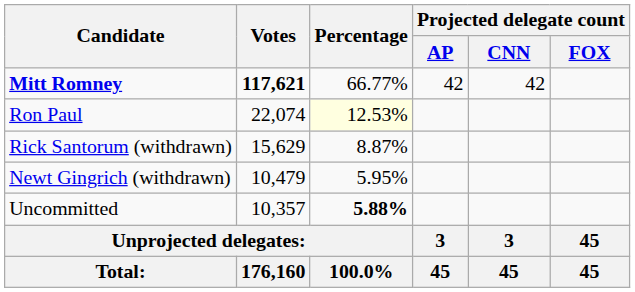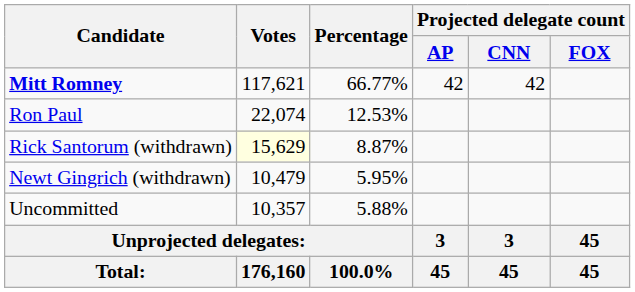 <table class="wikitable" style="text-align:right;">
 <tr>
 <th rowspan="2">Candidate</th>
 <th rowspan="2">Votes</th>
 <th rowspan="2">Percentage</th>
 <th colspan="3">Projected delegate count</th>
 </tr>
 <tr>
 <th><a href='#'>AP</a></th>
 <th><a href='#'>CNN</a><br></th>
 <th><a href='#'>FOX</a><br></th>
 </tr>
 <tr>
 <td style="text-align:left;"> <strong><a href='#'>Mitt Romney</a></strong></td>
-<td><strong>117,621</strong></td>
+<td>117,621</td>
 <td>66.77%</td>
 <td>42</td>
 <td>42</td>
 <td></td>
 </tr>
 <tr>
 <td style="text-align:left;"><a href='#'>Ron Paul</a></td>
 <td>22,074</td>
-<td style="background: lightyellow;">12.53%</td>
+<td>12.53%</td>
 <td></td>
 <td></td>
 <td></td>
 </tr>
 <tr>
 <td style="text-align:left;"><a href='#'>Rick Santorum</a> (withdrawn)</td>
-<td>15,629</td>
+<td style="background: lightyellow;">15,629</td>
 <td>8.87%</td>
 <td></td>
 <td></td>
 <td></td>
 </tr>
 <tr>
 <td style="text-align:left;"><a href='#'>Newt Gingrich</a> (withdrawn)</td>
 <td>10,479</td>
 <td>5.95%</td>
 <td></td>
 <td></td>
 <td></td>
 </tr>
 <tr>
 <td style="text-align:left;">Uncommitted</td>
 <td>10,357</td>
-<td><strong>5.88%</strong></td>
+<td>5.88%</td>
 <td></td>
 <td></td>
 <td></td>
 </tr>
 <tr style="background:#eee;">
 <th colspan="3">Unprojected delegates:</th>
 <th>3</th>
 <th>3</th>
 <th>45</th>
 </tr>
 <tr style="background:#eee;">
 <th>Total:</th>
 <th>176,160</th>
 <th>100.0%</th>
 <th>45</th>
 <th>45</th>
 <th>45</th>
 </tr>
 </table>
